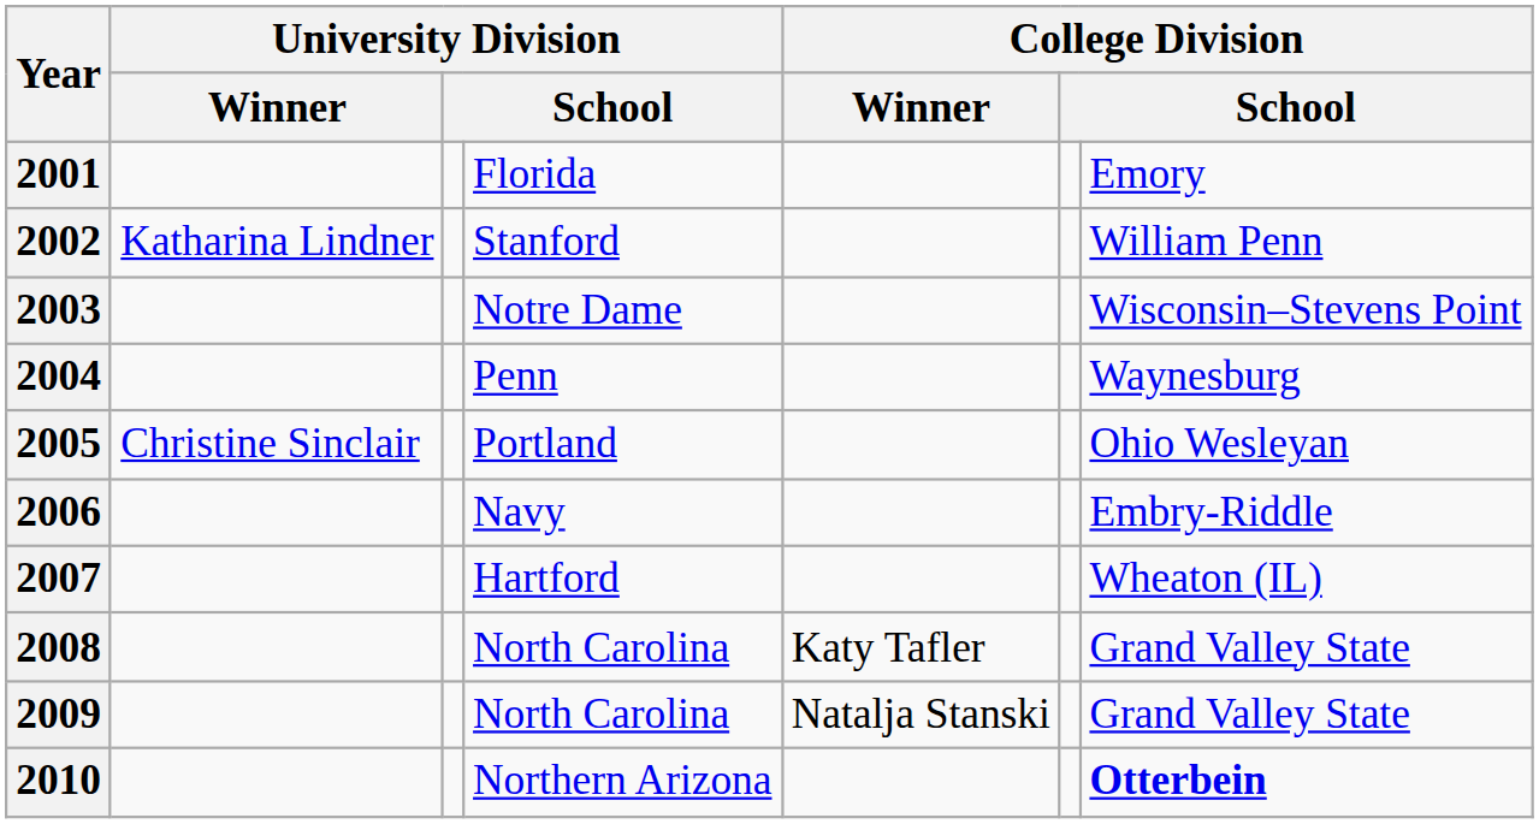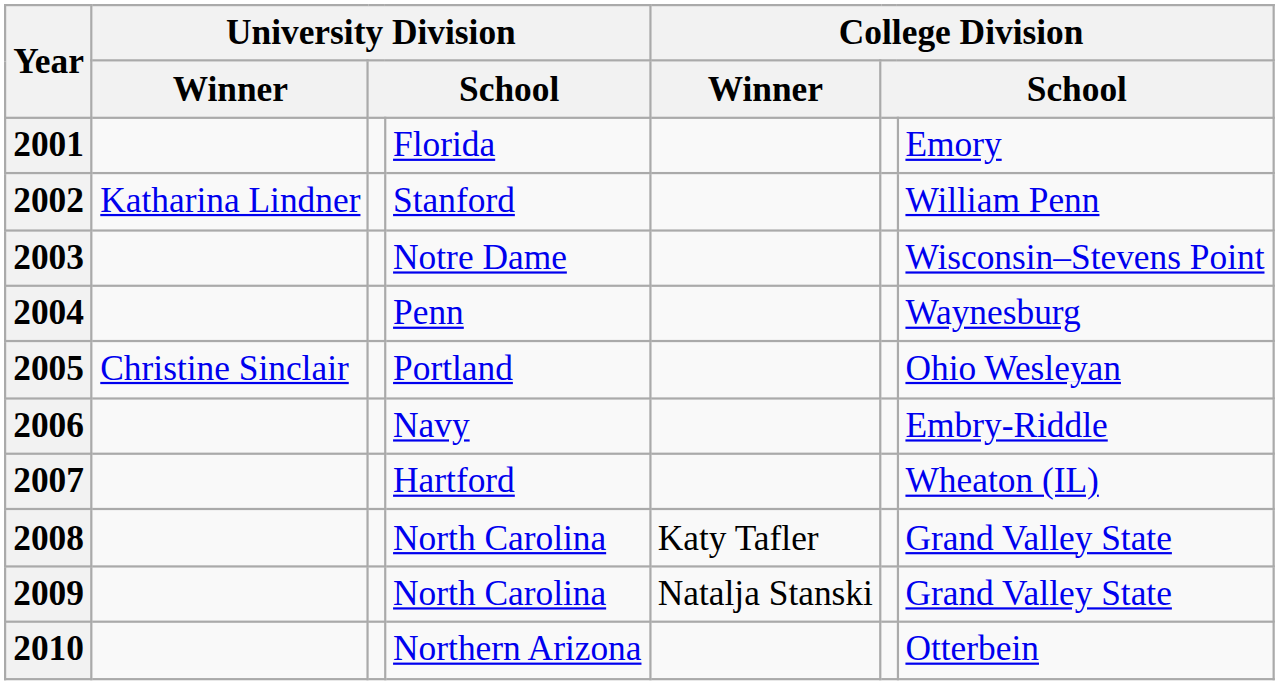 <table class="wikitable sortable">
 <tr>
 <th scope="col" rowspan=2>Year</th>
 <th scope="colgroup" colspan=3>University Division</th>
 <th scope="colgroup" colspan=3>College Division</th>
 </tr>
 <tr>
 <th scope="col">Winner</th>
 <th scope="colgroup" colspan=2>School</th>
 <th scope="col">Winner</th>
 <th scope="colgroup" colspan=2>School</th>
 </tr>
 <tr>
 <th scope="row">2001</th>
 <td></td>
 <td style=></td>
 <td><a href='#'>Florida</a></td>
 <td></td>
 <td style=></td>
 <td><a href='#'>Emory</a></td>
 </tr>
 <tr>
 <th scope="row">2002</th>
 <td data-sort-value="Lindner, Katharina"> <a href='#'>Katharina Lindner</a></td>
 <td style=></td>
 <td><a href='#'>Stanford</a></td>
 <td></td>
 <td style=></td>
 <td><a href='#'>William Penn</a></td>
 </tr>
 <tr>
 <th scope="row">2003</th>
 <td></td>
 <td style=></td>
 <td><a href='#'>Notre Dame</a></td>
 <td></td>
 <td style=></td>
 <td><a href='#'>Wisconsin–Stevens Point</a></td>
 </tr>
 <tr>
 <th scope="row">2004</th>
 <td></td>
 <td style=></td>
 <td><a href='#'>Penn</a></td>
 <td></td>
 <td style=></td>
 <td><a href='#'>Waynesburg</a></td>
 </tr>
 <tr>
 <th scope="row">2005</th>
 <td data-sort-value="Sinclair, Christine"> <a href='#'>Christine Sinclair</a></td>
 <td style=></td>
 <td><a href='#'>Portland</a></td>
 <td></td>
 <td style=></td>
 <td><a href='#'>Ohio Wesleyan</a></td>
 </tr>
 <tr>
 <th scope="row">2006</th>
 <td></td>
 <td style=></td>
 <td><a href='#'>Navy</a></td>
 <td></td>
 <td style=></td>
 <td><a href='#'>Embry-Riddle</a></td>
 </tr>
 <tr>
 <th scope="row">2007</th>
 <td></td>
 <td style=></td>
 <td><a href='#'>Hartford</a></td>
 <td></td>
 <td style=></td>
 <td><a href='#'>Wheaton (IL)</a></td>
 </tr>
 <tr>
 <th scope="row">2008</th>
 <td></td>
 <td style=></td>
 <td><a href='#'>North Carolina</a></td>
 <td data-sort-value="Tafler, Katy"> Katy Tafler</td>
 <td style=></td>
 <td><a href='#'>Grand Valley State</a></td>
 </tr>
 <tr>
 <th scope="row">2009</th>
 <td></td>
 <td style=></td>
 <td><a href='#'>North Carolina</a></td>
 <td data-sort-value="Stanski, Natalja"> Natalja Stanski</td>
 <td style=></td>
 <td><a href='#'>Grand Valley State</a></td>
 </tr>
 <tr>
 <th scope="row">2010</th>
 <td></td>
 <td style=></td>
 <td><a href='#'>Northern Arizona</a></td>
 <td></td>
 <td style=></td>
-<td><strong><a href='#'>Otterbein</a></strong></td>
+<td><a href='#'>Otterbein</a></td>
 </tr>
 </table>
